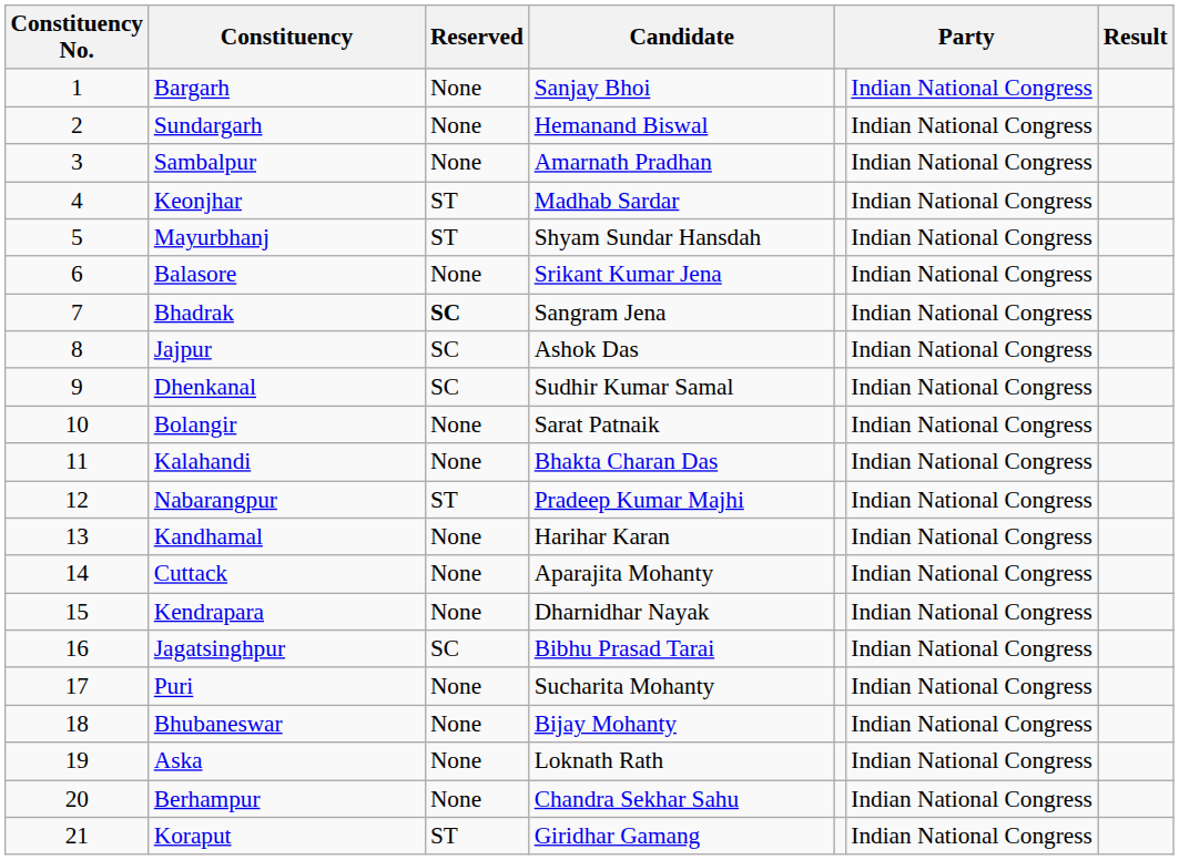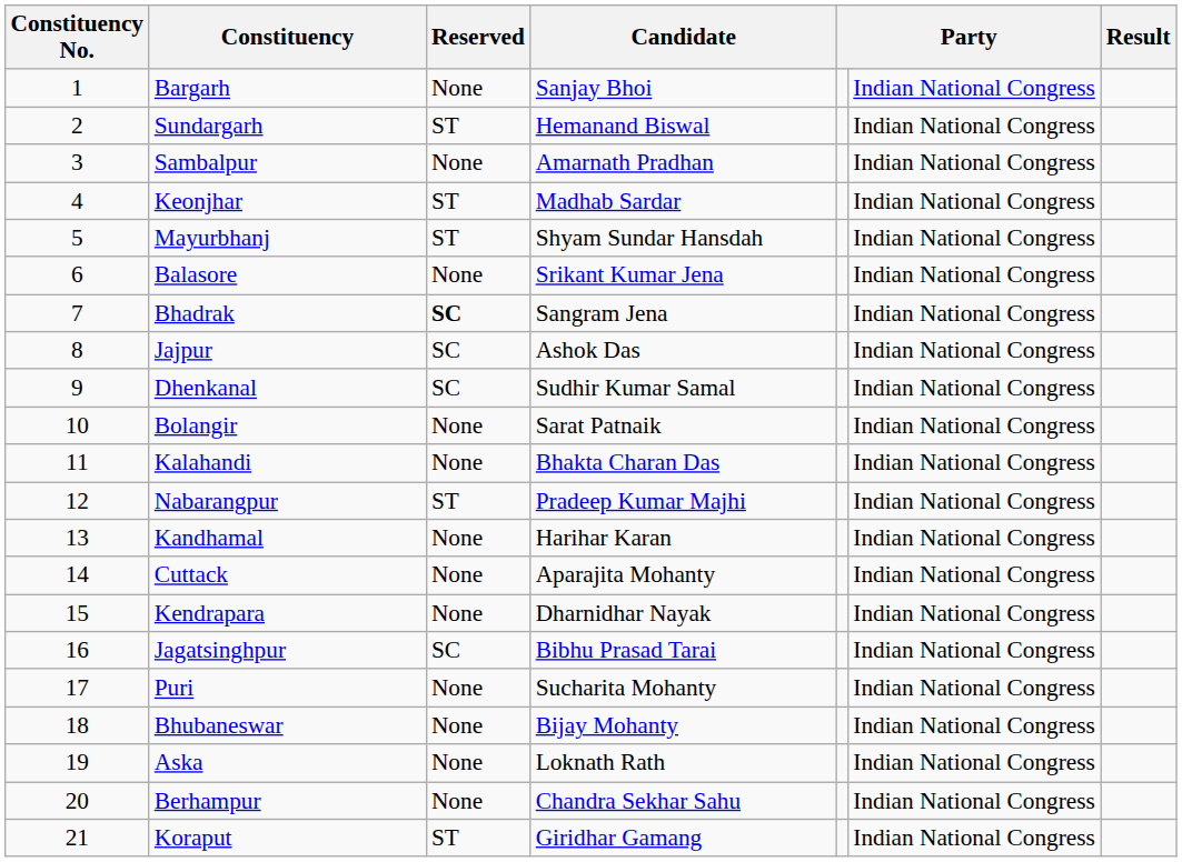 <table class= "wikitable sortable">
 <tr>
 <th>Constituency <br> No.</th>
 <th style="width:180px;">Constituency</th>
 <th>Reserved</th>
 <th style="width:200px;">Candidate</th>
 <th colspan=2>Party</th>
 <th>Result</th>
 </tr>
 <tr>
 <td align="center">1</td>
 <td><a href='#'>Bargarh</a></td>
 <td>None</td>
 <td><a href='#'>Sanjay Bhoi</a></td>
 <td></td>
 <td><a href='#'>Indian National Congress</a></td>
 <td></td>
 </tr>
 <tr>
 <td align="center">2</td>
 <td><a href='#'>Sundargarh</a></td>
-<td>None</td>
+<td>ST</td>
 <td><a href='#'>Hemanand Biswal</a></td>
 <td></td>
 <td>Indian National Congress</td>
 <td></td>
 </tr>
 <tr>
 <td align="center">3</td>
 <td><a href='#'>Sambalpur</a></td>
 <td>None</td>
 <td><a href='#'>Amarnath Pradhan</a></td>
 <td></td>
 <td>Indian National Congress</td>
 <td></td>
 </tr>
 <tr>
 <td align="center">4</td>
 <td><a href='#'>Keonjhar</a></td>
 <td>ST</td>
 <td><a href='#'>Madhab Sardar</a></td>
 <td></td>
 <td>Indian National Congress</td>
 <td></td>
 </tr>
 <tr>
 <td align="center">5</td>
 <td><a href='#'>Mayurbhanj</a></td>
 <td>ST</td>
 <td>Shyam Sundar Hansdah</td>
 <td></td>
 <td>Indian National Congress</td>
 <td></td>
 </tr>
 <tr>
 <td align="center">6</td>
 <td><a href='#'>Balasore</a></td>
 <td>None</td>
 <td><a href='#'>Srikant Kumar Jena</a></td>
 <td></td>
 <td>Indian National Congress</td>
 <td></td>
 </tr>
 <tr>
 <td align="center">7</td>
 <td><a href='#'>Bhadrak</a></td>
 <td><strong>SC</strong></td>
 <td>Sangram Jena</td>
 <td></td>
 <td>Indian National Congress</td>
 <td></td>
 </tr>
 <tr>
 <td align="center">8</td>
 <td><a href='#'>Jajpur</a></td>
 <td>SC</td>
 <td>Ashok Das</td>
 <td></td>
 <td>Indian National Congress</td>
 <td></td>
 </tr>
 <tr>
 <td align="center">9</td>
 <td><a href='#'>Dhenkanal</a></td>
 <td>SC</td>
 <td>Sudhir Kumar Samal</td>
 <td></td>
 <td>Indian National Congress</td>
 <td></td>
 </tr>
 <tr>
 <td align="center">10</td>
 <td><a href='#'>Bolangir</a></td>
 <td>None</td>
 <td>Sarat Patnaik</td>
 <td></td>
 <td>Indian National Congress</td>
 <td></td>
 </tr>
 <tr>
 <td align="center">11</td>
 <td><a href='#'>Kalahandi</a></td>
 <td>None</td>
 <td><a href='#'>Bhakta Charan Das</a></td>
 <td></td>
 <td>Indian National Congress</td>
 <td></td>
 </tr>
 <tr>
 <td align="center">12</td>
 <td><a href='#'>Nabarangpur</a></td>
 <td>ST</td>
 <td><a href='#'>Pradeep Kumar Majhi</a></td>
 <td></td>
 <td>Indian National Congress</td>
 <td></td>
 </tr>
 <tr>
 <td align="center">13</td>
 <td><a href='#'>Kandhamal</a></td>
 <td>None</td>
 <td>Harihar Karan</td>
 <td></td>
 <td>Indian National Congress</td>
 <td></td>
 </tr>
 <tr>
 <td align="center">14</td>
 <td><a href='#'>Cuttack</a></td>
 <td>None</td>
 <td>Aparajita Mohanty</td>
 <td></td>
 <td>Indian National Congress</td>
 <td></td>
 </tr>
 <tr>
 <td align="center">15</td>
 <td><a href='#'>Kendrapara</a></td>
 <td>None</td>
 <td>Dharnidhar Nayak</td>
 <td></td>
 <td>Indian National Congress</td>
 <td></td>
 </tr>
 <tr>
 <td align="center">16</td>
 <td><a href='#'>Jagatsinghpur</a></td>
 <td>SC</td>
 <td><a href='#'>Bibhu Prasad Tarai</a></td>
 <td></td>
 <td>Indian National Congress</td>
 <td></td>
 </tr>
 <tr>
 <td align="center">17</td>
 <td><a href='#'>Puri</a></td>
 <td>None</td>
 <td>Sucharita Mohanty</td>
 <td></td>
 <td>Indian National Congress</td>
 <td></td>
 </tr>
 <tr>
 <td align="center">18</td>
 <td><a href='#'>Bhubaneswar</a></td>
 <td>None</td>
 <td><a href='#'>Bijay Mohanty</a></td>
 <td></td>
 <td>Indian National Congress</td>
 <td></td>
 </tr>
 <tr>
 <td align="center">19</td>
 <td><a href='#'>Aska</a></td>
 <td>None</td>
 <td>Loknath Rath</td>
 <td></td>
 <td>Indian National Congress</td>
 <td></td>
 </tr>
 <tr>
 <td align="center">20</td>
 <td><a href='#'>Berhampur</a></td>
 <td>None</td>
 <td><a href='#'>Chandra Sekhar Sahu</a></td>
 <td></td>
 <td>Indian National Congress</td>
 <td></td>
 </tr>
 <tr>
 <td align="center">21</td>
 <td><a href='#'>Koraput</a></td>
 <td>ST</td>
 <td><a href='#'>Giridhar Gamang</a></td>
 <td></td>
 <td>Indian National Congress</td>
 <td></td>
 </tr>
 </table>
